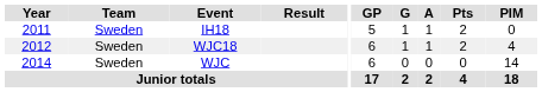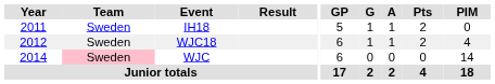 <table border="0" cellpadding="1" cellspacing="0" ID="Table3" style="text-align:center; width:40em">
 <tr ALIGN="center" bgcolor="#e0e0e0">
 <th>Year</th>
 <th>Team</th>
 <th>Event</th>
 <th>Result</th>
 <th rowspan="99" bgcolor="#ffffff"></th>
 <th>GP</th>
 <th>G</th>
 <th>A</th>
 <th>Pts</th>
 <th>PIM</th>
 </tr>
 <tr>
 <td><a href='#'>2011</a></td>
 <td><a href='#'>Sweden</a></td>
 <td><a href='#'>IH18</a></td>
 <td></td>
 <td>5</td>
 <td>1</td>
 <td>1</td>
 <td>2</td>
 <td>0</td>
 </tr>
 <tr bgcolor="#f0f0f0">
 <td><a href='#'>2012</a></td>
 <td>Sweden</td>
 <td><a href='#'>WJC18</a></td>
 <td></td>
 <td>6</td>
 <td>1</td>
 <td>1</td>
 <td>2</td>
 <td>4</td>
 </tr>
 <tr>
 <td><a href='#'>2014</a></td>
-<td>Sweden</td>
+<td style="background: pink;">Sweden</td>
 <td><a href='#'>WJC</a></td>
 <td></td>
 <td>6</td>
 <td>0</td>
 <td>0</td>
 <td>0</td>
 <td>14</td>
 </tr>
 <tr bgcolor="#e0e0e0">
 <th colspan="4">Junior totals</th>
 <th>17</th>
 <th>2</th>
 <th>2</th>
 <th>4</th>
 <th>18</th>
 </tr>
 </table>
